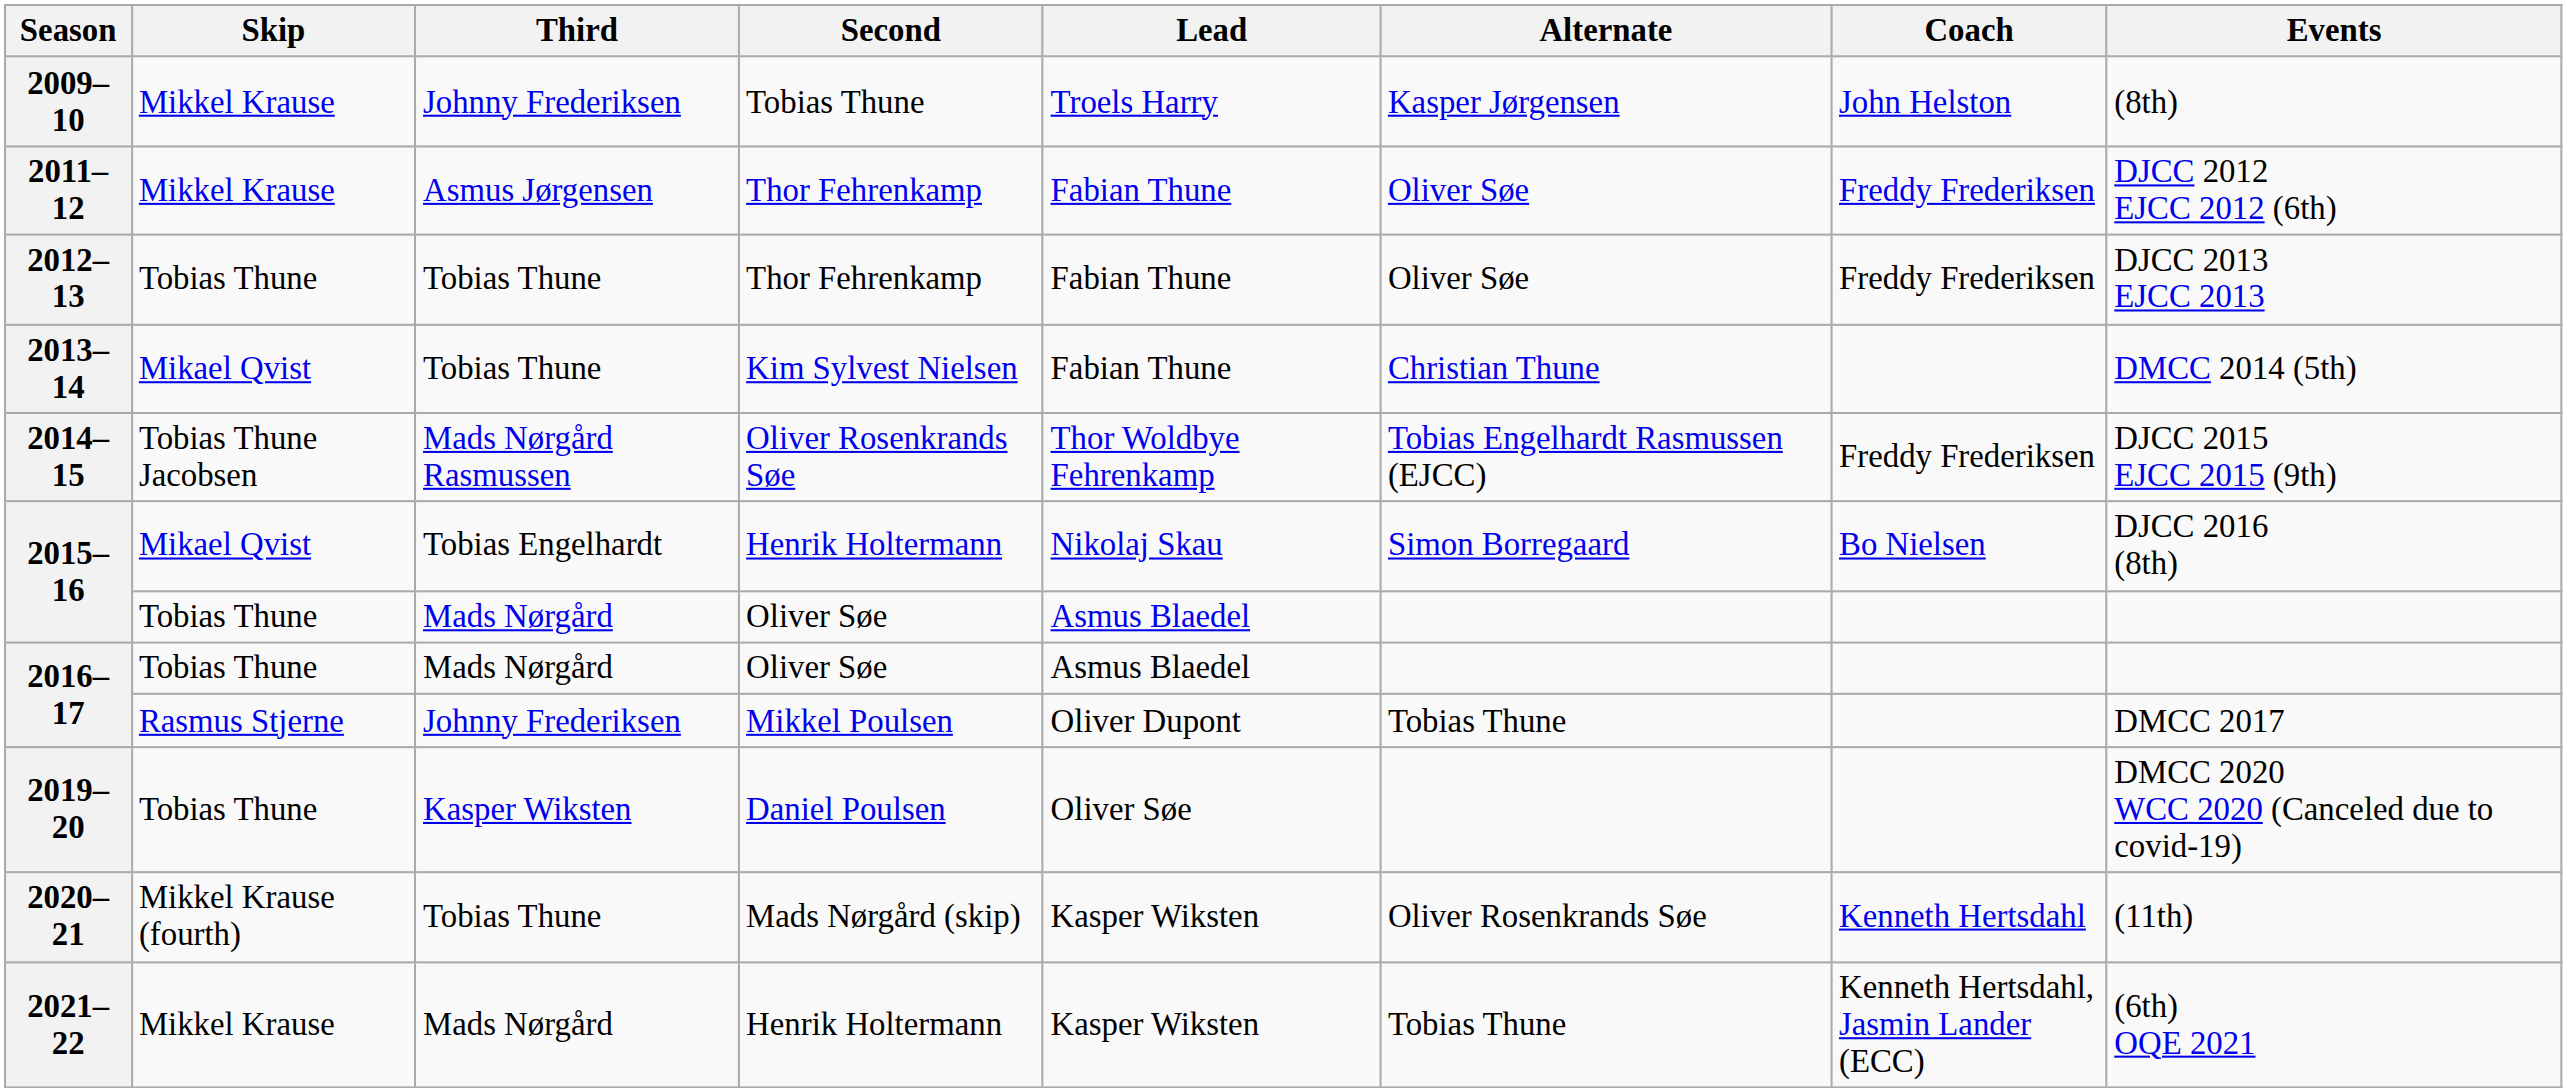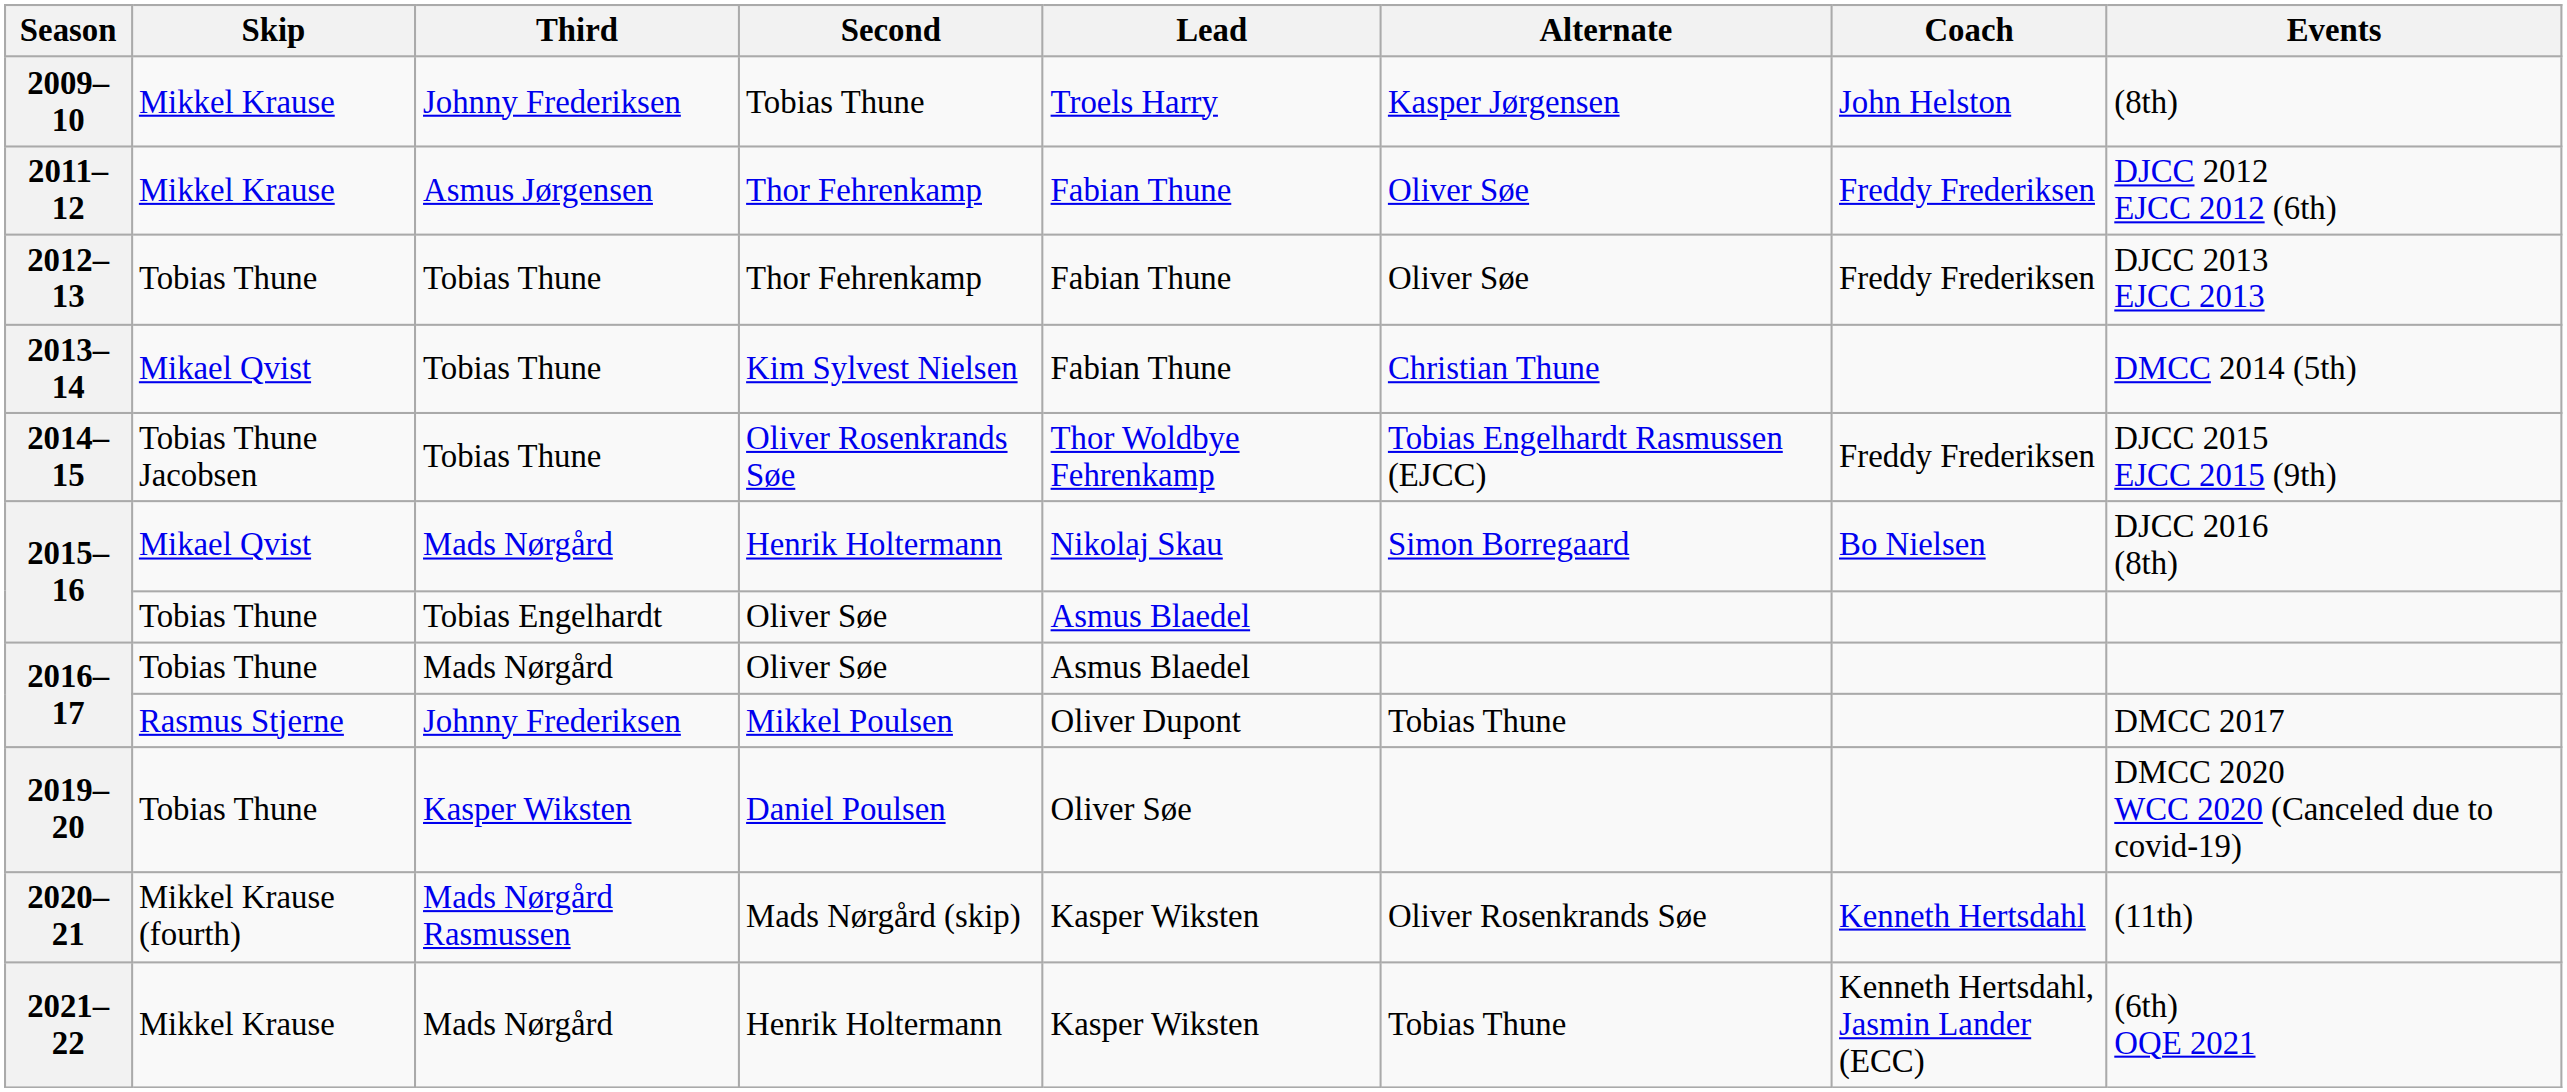 <table class="wikitable">
 <tr>
 <th scope="col">Season</th>
 <th scope="col">Skip</th>
 <th scope="col">Third</th>
 <th scope="col">Second</th>
 <th scope="col">Lead</th>
 <th scope="col">Alternate</th>
 <th scope="col">Coach</th>
 <th scope="col">Events</th>
 </tr>
 <tr>
 <th scope="row">2009–10</th>
 <td><a href='#'>Mikkel Krause</a></td>
 <td><a href='#'>Johnny Frederiksen</a></td>
 <td>Tobias Thune</td>
 <td><a href='#'>Troels Harry</a></td>
 <td><a href='#'>Kasper Jørgensen</a></td>
 <td><a href='#'>John Helston</a></td>
 <td> (8th)</td>
 </tr>
 <tr>
 <th scope="row">2011–12</th>
 <td><a href='#'>Mikkel Krause</a></td>
 <td><a href='#'>Asmus Jørgensen</a></td>
 <td><a href='#'>Thor Fehrenkamp</a></td>
 <td><a href='#'>Fabian Thune</a></td>
 <td><a href='#'>Oliver Søe</a></td>
 <td><a href='#'>Freddy Frederiksen</a></td>
 <td><a href='#'>DJCC</a> 2012 <br><a href='#'>EJCC 2012</a> (6th)</td>
 </tr>
 <tr>
 <th scope="row">2012–13</th>
 <td>Tobias Thune</td>
 <td>Tobias Thune</td>
 <td>Thor Fehrenkamp</td>
 <td>Fabian Thune</td>
 <td>Oliver Søe</td>
 <td>Freddy Frederiksen</td>
 <td>DJCC 2013 <br><a href='#'>EJCC 2013</a> </td>
 </tr>
 <tr>
 <th scope="row">2013–14</th>
 <td><a href='#'>Mikael Qvist</a></td>
 <td>Tobias Thune</td>
 <td><a href='#'>Kim Sylvest Nielsen</a></td>
 <td>Fabian Thune</td>
 <td><a href='#'>Christian Thune</a></td>
 <td></td>
 <td><a href='#'>DMCC</a> 2014 (5th)</td>
 </tr>
 <tr>
 <th scope="row">2014–15</th>
 <td>Tobias Thune Jacobsen</td>
-<td><a href='#'>Mads Nørgård Rasmussen</a></td>
+<td>Tobias Thune</td>
 <td><a href='#'>Oliver Rosenkrands Søe</a></td>
 <td><a href='#'>Thor Woldbye Fehrenkamp</a></td>
 <td><a href='#'>Tobias Engelhardt Rasmussen</a> (EJCC)</td>
 <td>Freddy Frederiksen</td>
 <td>DJCC 2015 <br><a href='#'>EJCC 2015</a> (9th)</td>
 </tr>
 <tr>
 <th scope="row" rowspan="2">2015–16</th>
 <td><a href='#'>Mikael Qvist</a></td>
-<td>Tobias Engelhardt</td>
+<td><a href='#'>Mads Nørgård</a></td>
 <td><a href='#'>Henrik Holtermann</a></td>
 <td><a href='#'>Nikolaj Skau</a></td>
 <td><a href='#'>Simon Borregaard</a></td>
 <td><a href='#'>Bo Nielsen</a></td>
 <td>DJCC 2016 <br> (8th)</td>
 </tr>
 <tr>
 <td>Tobias Thune</td>
-<td><a href='#'>Mads Nørgård</a></td>
+<td>Tobias Engelhardt</td>
 <td>Oliver Søe</td>
 <td><a href='#'>Asmus Blaedel</a></td>
 <td></td>
 <td></td>
 <td></td>
 </tr>
 <tr>
 <th scope="row" rowspan="2">2016–17</th>
 <td>Tobias Thune</td>
 <td>Mads Nørgård</td>
 <td>Oliver Søe</td>
 <td>Asmus Blaedel</td>
 <td></td>
 <td></td>
 <td></td>
 </tr>
 <tr>
 <td><a href='#'>Rasmus Stjerne</a></td>
 <td><a href='#'>Johnny Frederiksen</a></td>
 <td><a href='#'>Mikkel Poulsen</a></td>
 <td>Oliver Dupont</td>
 <td>Tobias Thune</td>
 <td></td>
 <td>DMCC 2017 </td>
 </tr>
 <tr>
 <th scope="row">2019–20</th>
 <td>Tobias Thune</td>
 <td><a href='#'>Kasper Wiksten</a></td>
 <td><a href='#'>Daniel Poulsen</a></td>
 <td>Oliver Søe</td>
 <td></td>
 <td></td>
 <td>DMCC 2020 <br><a href='#'>WCC 2020</a> (Canceled due to covid-19)</td>
 </tr>
 <tr>
 <th scope="row">2020–21</th>
 <td>Mikkel Krause (fourth)</td>
-<td>Tobias Thune</td>
+<td><a href='#'>Mads Nørgård Rasmussen</a></td>
 <td>Mads Nørgård (skip)</td>
 <td>Kasper Wiksten</td>
 <td>Oliver Rosenkrands Søe</td>
 <td><a href='#'>Kenneth Hertsdahl</a></td>
 <td> (11th)</td>
 </tr>
 <tr>
 <th scope="row">2021–22</th>
 <td>Mikkel Krause</td>
 <td>Mads Nørgård</td>
 <td>Henrik Holtermann</td>
 <td>Kasper Wiksten</td>
 <td>Tobias Thune</td>
 <td>Kenneth Hertsdahl,<br><a href='#'>Jasmin Lander</a> (ECC)</td>
 <td> (6th)<br><a href='#'>OQE 2021</a> </td>
 </tr>
 </table>
